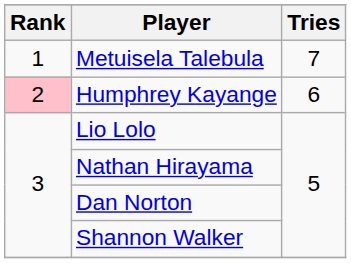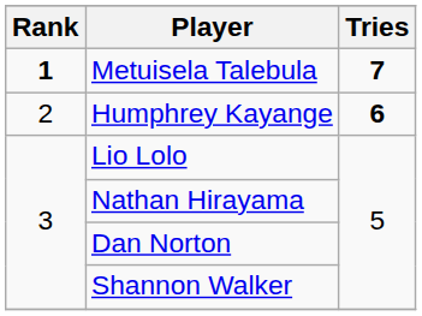 <table class="wikitable sortable">
 <tr>
 </tr>
 <tr>
 <th>Rank</th>
 <th>Player</th>
 <th>Tries</th>
 </tr>
 <tr>
-<td align=center>1</td>
+<td align=center><strong>1</strong></td>
 <td> <a href='#'>Metuisela Talebula</a></td>
-<td align=center>7</td>
+<td align=center><strong>7</strong></td>
 </tr>
 <tr>
-<td align=center style="background: pink;">2</td>
+<td align=center>2</td>
 <td> <a href='#'>Humphrey Kayange</a></td>
-<td align=center>6</td>
+<td align=center><strong>6</strong></td>
 </tr>
 <tr>
 <td align=center rowspan=4>3</td>
 <td> <a href='#'>Lio Lolo</a></td>
 <td align=center rowspan=4>5</td>
 </tr>
 <tr>
 <td> <a href='#'>Nathan Hirayama</a></td>
 </tr>
 <tr>
 <td> <a href='#'>Dan Norton</a></td>
 </tr>
 <tr>
 <td> <a href='#'>Shannon Walker</a></td>
 </tr>
 <tr>
 </tr>
 </table>
